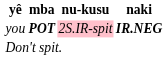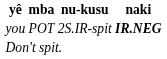 <table>
 <tr>
 <th>yê</th>
 <th>mba</th>
 <th>nu-kusu</th>
 <th>naki</th>
 </tr>
 <tr>
 <td><em>you</em></td>
-<td><strong><em>POT</em></strong></td>
-<td style="background: pink;"><em>2S.IR-spit</em></td>
+<td><em>POT</em></td>
+<td><em>2S.IR-spit</em></td>
 <td><strong><em>IR.NEG</em></strong></td>
 </tr>
 <tr>
 <td colspan="4"><em>Don't spit.</em></td>
 </tr>
 </table>
